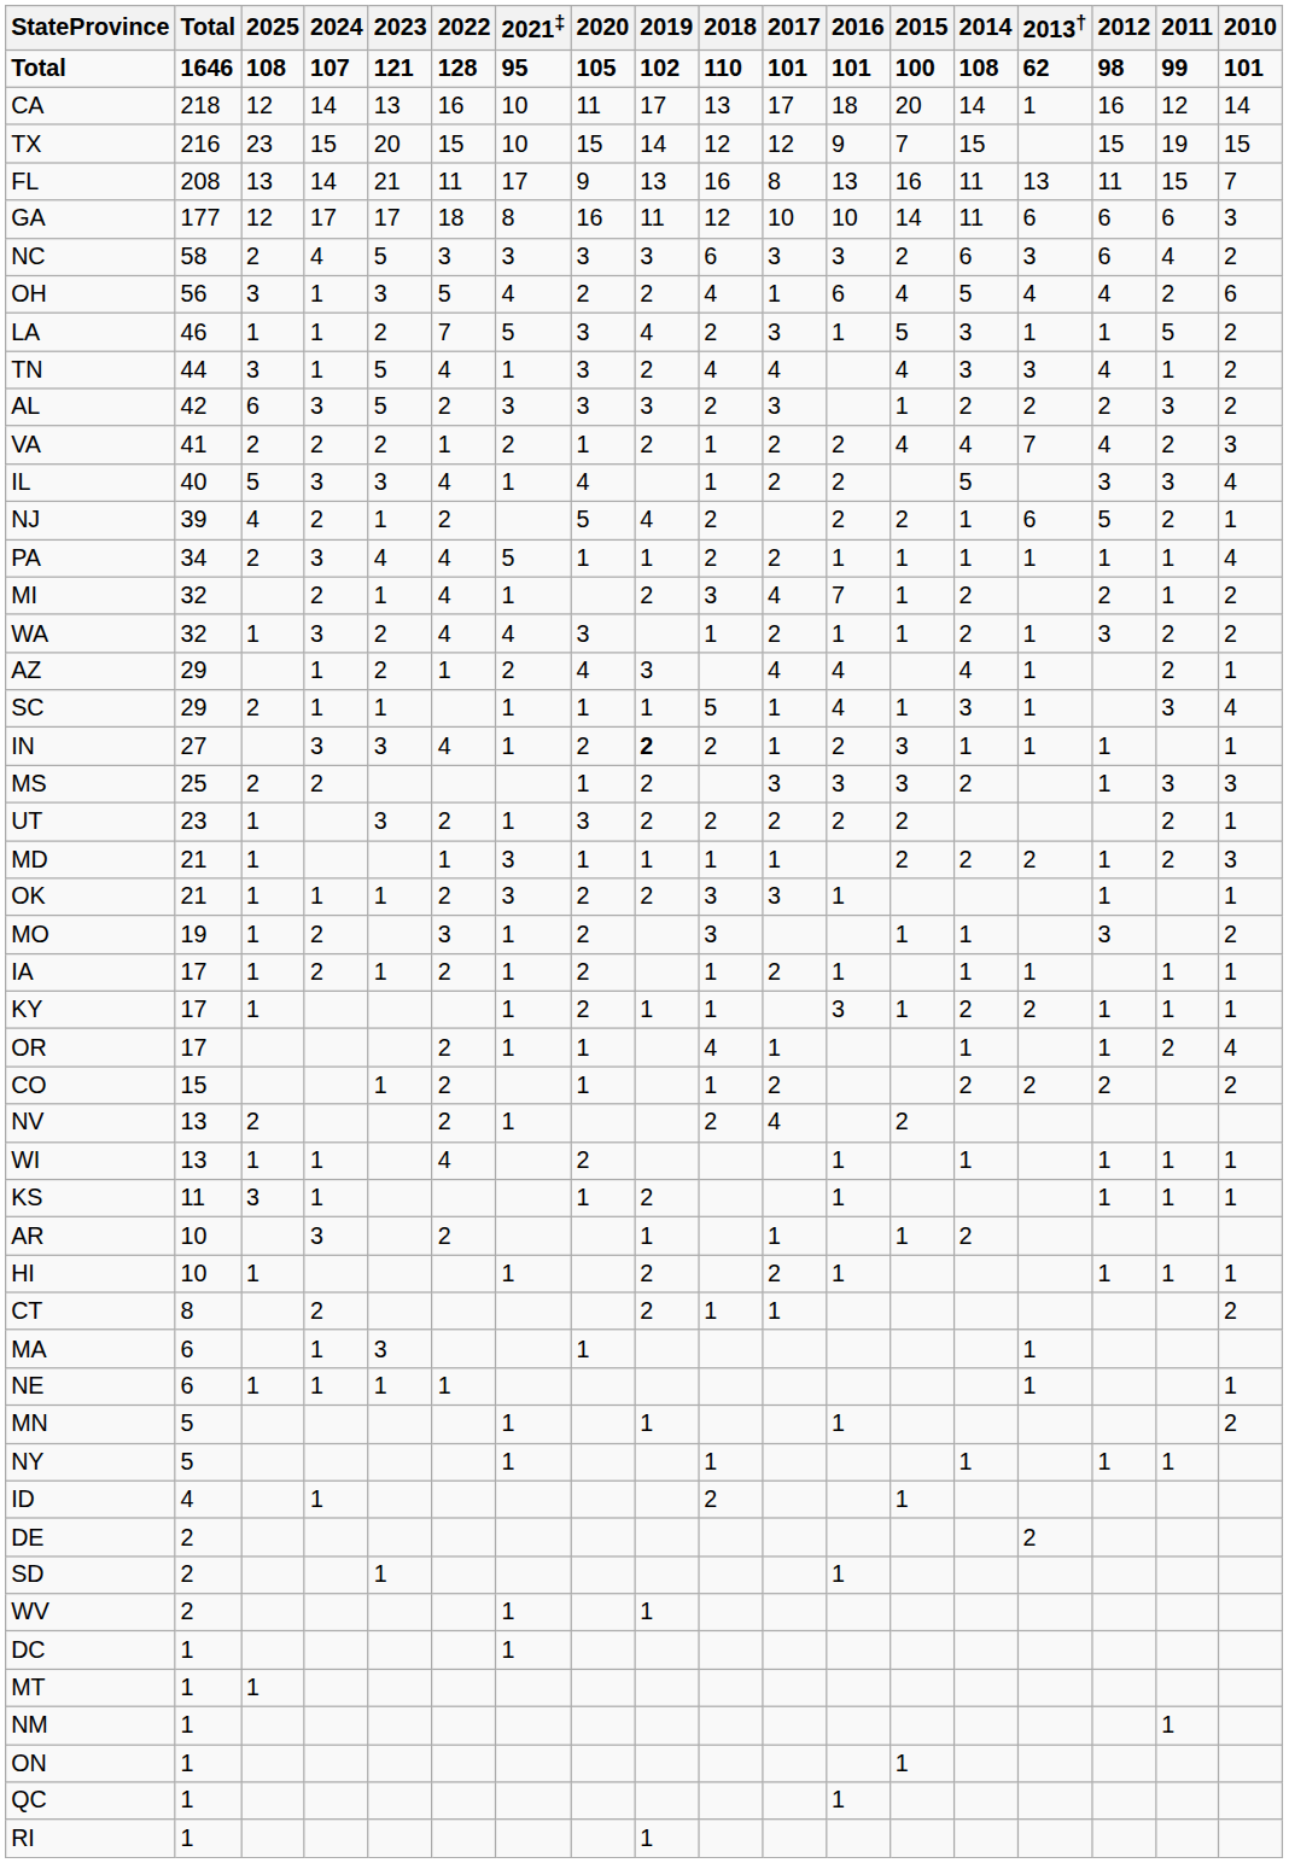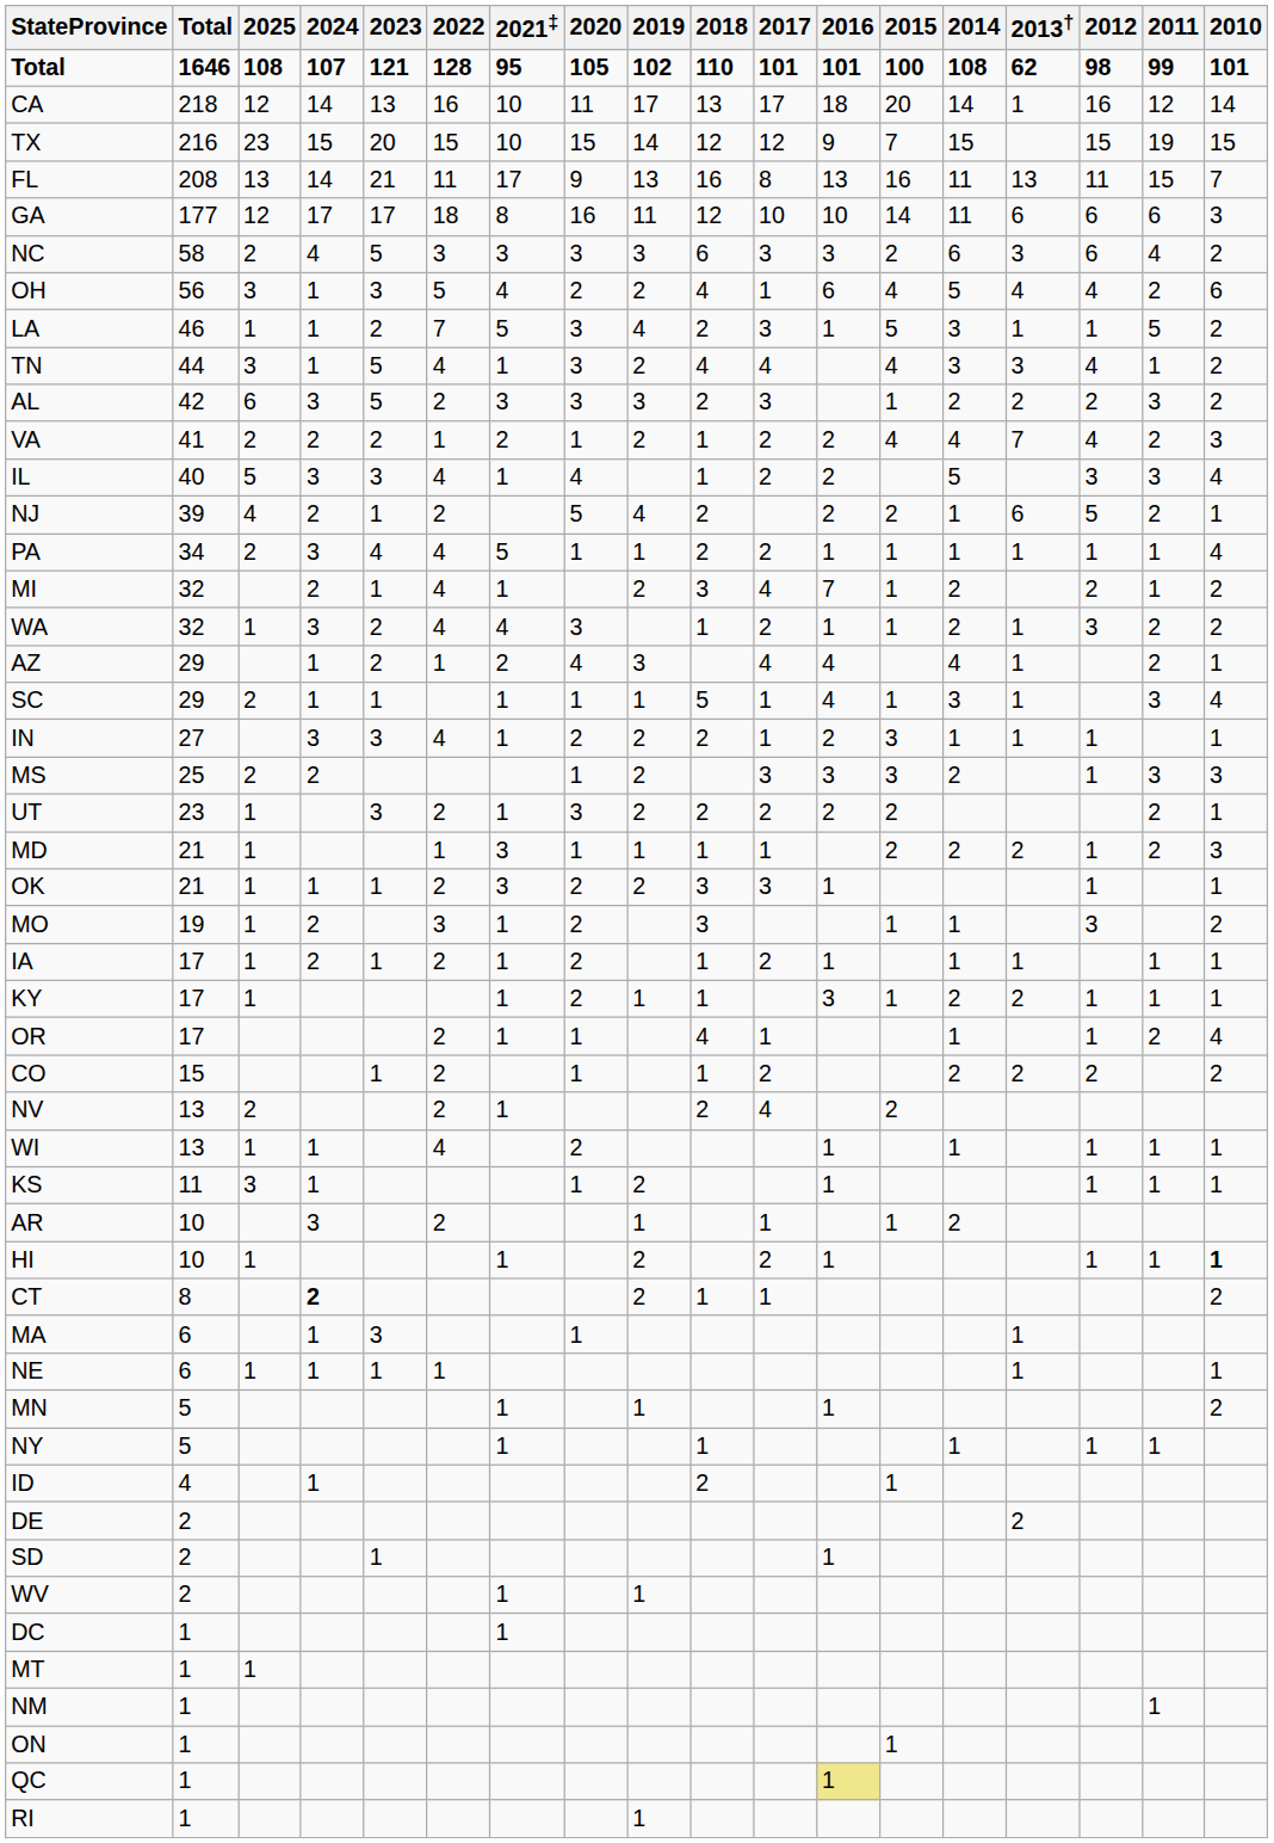 <table class="wikitable sortable">
 <tr>
 <th>StateProvince</th>
 <th><strong>Total</strong></th>
 <th>2025</th>
 <th>2024</th>
 <th>2023</th>
 <th>2022</th>
 <th>2021<sup>‡</sup></th>
 <th>2020</th>
 <th>2019</th>
 <th>2018</th>
 <th>2017</th>
 <th>2016</th>
 <th>2015</th>
 <th>2014</th>
 <th>2013<sup>†</sup></th>
 <th>2012</th>
 <th>2011</th>
 <th>2010</th>
 </tr>
 <tr>
 <td><strong>Total</strong></td>
 <td><strong>1646</strong></td>
 <td><strong>108</strong></td>
 <td><strong>107</strong></td>
 <td><strong>121</strong></td>
 <td><strong>128</strong></td>
 <td><strong>95</strong></td>
 <td><strong>105</strong></td>
 <td><strong>102</strong></td>
 <td><strong>110</strong></td>
 <td><strong>101</strong></td>
 <td><strong>101</strong></td>
 <td><strong>100</strong></td>
 <td><strong>108</strong></td>
 <td><strong>62</strong></td>
 <td><strong>98</strong></td>
 <td><strong>99</strong></td>
 <td><strong>101</strong></td>
 </tr>
 <tr>
 <td>CA</td>
 <td>218</td>
 <td>12</td>
 <td>14</td>
 <td>13</td>
 <td>16</td>
 <td>10</td>
 <td>11</td>
 <td>17</td>
 <td>13</td>
 <td>17</td>
 <td>18</td>
 <td>20</td>
 <td>14</td>
 <td>1</td>
 <td>16</td>
 <td>12</td>
 <td>14</td>
 </tr>
 <tr>
 <td>TX</td>
 <td>216</td>
 <td>23</td>
 <td>15</td>
 <td>20</td>
 <td>15</td>
 <td>10</td>
 <td>15</td>
 <td>14</td>
 <td>12</td>
 <td>12</td>
 <td>9</td>
 <td>7</td>
 <td>15</td>
 <td></td>
 <td>15</td>
 <td>19</td>
 <td>15</td>
 </tr>
 <tr>
 <td>FL</td>
 <td>208</td>
 <td>13</td>
 <td>14</td>
 <td>21</td>
 <td>11</td>
 <td>17</td>
 <td>9</td>
 <td>13</td>
 <td>16</td>
 <td>8</td>
 <td>13</td>
 <td>16</td>
 <td>11</td>
 <td>13</td>
 <td>11</td>
 <td>15</td>
 <td>7</td>
 </tr>
 <tr>
 <td>GA</td>
 <td>177</td>
 <td>12</td>
 <td>17</td>
 <td>17</td>
 <td>18</td>
 <td>8</td>
 <td>16</td>
 <td>11</td>
 <td>12</td>
 <td>10</td>
 <td>10</td>
 <td>14</td>
 <td>11</td>
 <td>6</td>
 <td>6</td>
 <td>6</td>
 <td>3</td>
 </tr>
 <tr>
 <td>NC</td>
 <td>58</td>
 <td>2</td>
 <td>4</td>
 <td>5</td>
 <td>3</td>
 <td>3</td>
 <td>3</td>
 <td>3</td>
 <td>6</td>
 <td>3</td>
 <td>3</td>
 <td>2</td>
 <td>6</td>
 <td>3</td>
 <td>6</td>
 <td>4</td>
 <td>2</td>
 </tr>
 <tr>
 <td>OH</td>
 <td>56</td>
 <td>3</td>
 <td>1</td>
 <td>3</td>
 <td>5</td>
 <td>4</td>
 <td>2</td>
 <td>2</td>
 <td>4</td>
 <td>1</td>
 <td>6</td>
 <td>4</td>
 <td>5</td>
 <td>4</td>
 <td>4</td>
 <td>2</td>
 <td>6</td>
 </tr>
 <tr>
 <td>LA</td>
 <td>46</td>
 <td>1</td>
 <td>1</td>
 <td>2</td>
 <td>7</td>
 <td>5</td>
 <td>3</td>
 <td>4</td>
 <td>2</td>
 <td>3</td>
 <td>1</td>
 <td>5</td>
 <td>3</td>
 <td>1</td>
 <td>1</td>
 <td>5</td>
 <td>2</td>
 </tr>
 <tr>
 <td>TN</td>
 <td>44</td>
 <td>3</td>
 <td>1</td>
 <td>5</td>
 <td>4</td>
 <td>1</td>
 <td>3</td>
 <td>2</td>
 <td>4</td>
 <td>4</td>
 <td></td>
 <td>4</td>
 <td>3</td>
 <td>3</td>
 <td>4</td>
 <td>1</td>
 <td>2</td>
 </tr>
 <tr>
 <td>AL</td>
 <td>42</td>
 <td>6</td>
 <td>3</td>
 <td>5</td>
 <td>2</td>
 <td>3</td>
 <td>3</td>
 <td>3</td>
 <td>2</td>
 <td>3</td>
 <td></td>
 <td>1</td>
 <td>2</td>
 <td>2</td>
 <td>2</td>
 <td>3</td>
 <td>2</td>
 </tr>
 <tr>
 <td>VA</td>
 <td>41</td>
 <td>2</td>
 <td>2</td>
 <td>2</td>
 <td>1</td>
 <td>2</td>
 <td>1</td>
 <td>2</td>
 <td>1</td>
 <td>2</td>
 <td>2</td>
 <td>4</td>
 <td>4</td>
 <td>7</td>
 <td>4</td>
 <td>2</td>
 <td>3</td>
 </tr>
 <tr>
 <td>IL</td>
 <td>40</td>
 <td>5</td>
 <td>3</td>
 <td>3</td>
 <td>4</td>
 <td>1</td>
 <td>4</td>
 <td></td>
 <td>1</td>
 <td>2</td>
 <td>2</td>
 <td></td>
 <td>5</td>
 <td></td>
 <td>3</td>
 <td>3</td>
 <td>4</td>
 </tr>
 <tr>
 <td>NJ</td>
 <td>39</td>
 <td>4</td>
 <td>2</td>
 <td>1</td>
 <td>2</td>
 <td></td>
 <td>5</td>
 <td>4</td>
 <td>2</td>
 <td></td>
 <td>2</td>
 <td>2</td>
 <td>1</td>
 <td>6</td>
 <td>5</td>
 <td>2</td>
 <td>1</td>
 </tr>
 <tr>
 <td>PA</td>
 <td>34</td>
 <td>2</td>
 <td>3</td>
 <td>4</td>
 <td>4</td>
 <td>5</td>
 <td>1</td>
 <td>1</td>
 <td>2</td>
 <td>2</td>
 <td>1</td>
 <td>1</td>
 <td>1</td>
 <td>1</td>
 <td>1</td>
 <td>1</td>
 <td>4</td>
 </tr>
 <tr>
 <td>MI</td>
 <td>32</td>
 <td></td>
 <td>2</td>
 <td>1</td>
 <td>4</td>
 <td>1</td>
 <td></td>
 <td>2</td>
 <td>3</td>
 <td>4</td>
 <td>7</td>
 <td>1</td>
 <td>2</td>
 <td></td>
 <td>2</td>
 <td>1</td>
 <td>2</td>
 </tr>
 <tr>
 <td>WA</td>
 <td>32</td>
 <td>1</td>
 <td>3</td>
 <td>2</td>
 <td>4</td>
 <td>4</td>
 <td>3</td>
 <td></td>
 <td>1</td>
 <td>2</td>
 <td>1</td>
 <td>1</td>
 <td>2</td>
 <td>1</td>
 <td>3</td>
 <td>2</td>
 <td>2</td>
 </tr>
 <tr>
 <td>AZ</td>
 <td>29</td>
 <td></td>
 <td>1</td>
 <td>2</td>
 <td>1</td>
 <td>2</td>
 <td>4</td>
 <td>3</td>
 <td></td>
 <td>4</td>
 <td>4</td>
 <td></td>
 <td>4</td>
 <td>1</td>
 <td></td>
 <td>2</td>
 <td>1</td>
 </tr>
 <tr>
 <td>SC</td>
 <td>29</td>
 <td>2</td>
 <td>1</td>
 <td>1</td>
 <td></td>
 <td>1</td>
 <td>1</td>
 <td>1</td>
 <td>5</td>
 <td>1</td>
 <td>4</td>
 <td>1</td>
 <td>3</td>
 <td>1</td>
 <td></td>
 <td>3</td>
 <td>4</td>
 </tr>
 <tr>
 <td>IN</td>
 <td>27</td>
 <td></td>
 <td>3</td>
 <td>3</td>
 <td>4</td>
 <td>1</td>
 <td>2</td>
-<td><strong>2</strong></td>
+<td>2</td>
 <td>2</td>
 <td>1</td>
 <td>2</td>
 <td>3</td>
 <td>1</td>
 <td>1</td>
 <td>1</td>
 <td></td>
 <td>1</td>
 </tr>
 <tr>
 <td>MS</td>
 <td>25</td>
 <td>2</td>
 <td>2</td>
 <td></td>
 <td></td>
 <td></td>
 <td>1</td>
 <td>2</td>
 <td></td>
 <td>3</td>
 <td>3</td>
 <td>3</td>
 <td>2</td>
 <td></td>
 <td>1</td>
 <td>3</td>
 <td>3</td>
 </tr>
 <tr>
 <td>UT</td>
 <td>23</td>
 <td>1</td>
 <td></td>
 <td>3</td>
 <td>2</td>
 <td>1</td>
 <td>3</td>
 <td>2</td>
 <td>2</td>
 <td>2</td>
 <td>2</td>
 <td>2</td>
 <td></td>
 <td></td>
 <td></td>
 <td>2</td>
 <td>1</td>
 </tr>
 <tr>
 <td>MD</td>
 <td>21</td>
 <td>1</td>
 <td></td>
 <td></td>
 <td>1</td>
 <td>3</td>
 <td>1</td>
 <td>1</td>
 <td>1</td>
 <td>1</td>
 <td></td>
 <td>2</td>
 <td>2</td>
 <td>2</td>
 <td>1</td>
 <td>2</td>
 <td>3</td>
 </tr>
 <tr>
 <td>OK</td>
 <td>21</td>
 <td>1</td>
 <td>1</td>
 <td>1</td>
 <td>2</td>
 <td>3</td>
 <td>2</td>
 <td>2</td>
 <td>3</td>
 <td>3</td>
 <td>1</td>
 <td></td>
 <td></td>
 <td></td>
 <td>1</td>
 <td></td>
 <td>1</td>
 </tr>
 <tr>
 <td>MO</td>
 <td>19</td>
 <td>1</td>
 <td>2</td>
 <td></td>
 <td>3</td>
 <td>1</td>
 <td>2</td>
 <td></td>
 <td>3</td>
 <td></td>
 <td></td>
 <td>1</td>
 <td>1</td>
 <td></td>
 <td>3</td>
 <td></td>
 <td>2</td>
 </tr>
 <tr>
 <td>IA</td>
 <td>17</td>
 <td>1</td>
 <td>2</td>
 <td>1</td>
 <td>2</td>
 <td>1</td>
 <td>2</td>
 <td></td>
 <td>1</td>
 <td>2</td>
 <td>1</td>
 <td></td>
 <td>1</td>
 <td>1</td>
 <td></td>
 <td>1</td>
 <td>1</td>
 </tr>
 <tr>
 <td>KY</td>
 <td>17</td>
 <td>1</td>
 <td></td>
 <td></td>
 <td></td>
 <td>1</td>
 <td>2</td>
 <td>1</td>
 <td>1</td>
 <td></td>
 <td>3</td>
 <td>1</td>
 <td>2</td>
 <td>2</td>
 <td>1</td>
 <td>1</td>
 <td>1</td>
 </tr>
 <tr>
 <td>OR</td>
 <td>17</td>
 <td></td>
 <td></td>
 <td></td>
 <td>2</td>
 <td>1</td>
 <td>1</td>
 <td></td>
 <td>4</td>
 <td>1</td>
 <td></td>
 <td></td>
 <td>1</td>
 <td></td>
 <td>1</td>
 <td>2</td>
 <td>4</td>
 </tr>
 <tr>
 <td>CO</td>
 <td>15</td>
 <td></td>
 <td></td>
 <td>1</td>
 <td>2</td>
 <td></td>
 <td>1</td>
 <td></td>
 <td>1</td>
 <td>2</td>
 <td></td>
 <td></td>
 <td>2</td>
 <td>2</td>
 <td>2</td>
 <td></td>
 <td>2</td>
 </tr>
 <tr>
 <td>NV</td>
 <td>13</td>
 <td>2</td>
 <td></td>
 <td></td>
 <td>2</td>
 <td>1</td>
 <td></td>
 <td></td>
 <td>2</td>
 <td>4</td>
 <td></td>
 <td>2</td>
 <td></td>
 <td></td>
 <td></td>
 <td></td>
 <td></td>
 </tr>
 <tr>
 <td>WI</td>
 <td>13</td>
 <td>1</td>
 <td>1</td>
 <td></td>
 <td>4</td>
 <td></td>
 <td>2</td>
 <td></td>
 <td></td>
 <td></td>
 <td>1</td>
 <td></td>
 <td>1</td>
 <td></td>
 <td>1</td>
 <td>1</td>
 <td>1</td>
 </tr>
 <tr>
 <td>KS</td>
 <td>11</td>
 <td>3</td>
 <td>1</td>
 <td></td>
 <td></td>
 <td></td>
 <td>1</td>
 <td>2</td>
 <td></td>
 <td></td>
 <td>1</td>
 <td></td>
 <td></td>
 <td></td>
 <td>1</td>
 <td>1</td>
 <td>1</td>
 </tr>
 <tr>
 <td>AR</td>
 <td>10</td>
 <td></td>
 <td>3</td>
 <td></td>
 <td>2</td>
 <td></td>
 <td></td>
 <td>1</td>
 <td></td>
 <td>1</td>
 <td></td>
 <td>1</td>
 <td>2</td>
 <td></td>
 <td></td>
 <td></td>
 <td></td>
 </tr>
 <tr>
 <td>HI</td>
 <td>10</td>
 <td>1</td>
 <td></td>
 <td></td>
 <td></td>
 <td>1</td>
 <td></td>
 <td>2</td>
 <td></td>
 <td>2</td>
 <td>1</td>
 <td></td>
 <td></td>
 <td></td>
 <td>1</td>
 <td>1</td>
-<td>1</td>
+<td><strong>1</strong></td>
 </tr>
 <tr>
 <td>CT</td>
 <td>8</td>
 <td></td>
-<td>2</td>
+<td><strong>2</strong></td>
 <td></td>
 <td></td>
 <td></td>
 <td></td>
 <td>2</td>
 <td>1</td>
 <td>1</td>
 <td></td>
 <td></td>
 <td></td>
 <td></td>
 <td></td>
 <td></td>
 <td>2</td>
 </tr>
 <tr>
 <td>MA</td>
 <td>6</td>
 <td></td>
 <td>1</td>
 <td>3</td>
 <td></td>
 <td></td>
 <td>1</td>
 <td></td>
 <td></td>
 <td></td>
 <td></td>
 <td></td>
 <td></td>
 <td>1</td>
 <td></td>
 <td></td>
 <td></td>
 </tr>
 <tr>
 <td>NE</td>
 <td>6</td>
 <td>1</td>
 <td>1</td>
 <td>1</td>
 <td>1</td>
 <td></td>
 <td></td>
 <td></td>
 <td></td>
 <td></td>
 <td></td>
 <td></td>
 <td></td>
 <td>1</td>
 <td></td>
 <td></td>
 <td>1</td>
 </tr>
 <tr>
 <td>MN</td>
 <td>5</td>
 <td></td>
 <td></td>
 <td></td>
 <td></td>
 <td>1</td>
 <td></td>
 <td>1</td>
 <td></td>
 <td></td>
 <td>1</td>
 <td></td>
 <td></td>
 <td></td>
 <td></td>
 <td></td>
 <td>2</td>
 </tr>
 <tr>
 <td>NY</td>
 <td>5</td>
 <td></td>
 <td></td>
 <td></td>
 <td></td>
 <td>1</td>
 <td></td>
 <td></td>
 <td>1</td>
 <td></td>
 <td></td>
 <td></td>
 <td>1</td>
 <td></td>
 <td>1</td>
 <td>1</td>
 <td></td>
 </tr>
 <tr>
 <td>ID</td>
 <td>4</td>
 <td></td>
 <td>1</td>
 <td></td>
 <td></td>
 <td></td>
 <td></td>
 <td></td>
 <td>2</td>
 <td></td>
 <td></td>
 <td>1</td>
 <td></td>
 <td></td>
 <td></td>
 <td></td>
 <td></td>
 </tr>
 <tr>
 <td>DE</td>
 <td>2</td>
 <td></td>
 <td></td>
 <td></td>
 <td></td>
 <td></td>
 <td></td>
 <td></td>
 <td></td>
 <td></td>
 <td></td>
 <td></td>
 <td></td>
 <td>2</td>
 <td></td>
 <td></td>
 <td></td>
 </tr>
 <tr>
 <td>SD</td>
 <td>2</td>
 <td></td>
 <td></td>
 <td>1</td>
 <td></td>
 <td></td>
 <td></td>
 <td></td>
 <td></td>
 <td></td>
 <td>1</td>
 <td></td>
 <td></td>
 <td></td>
 <td></td>
 <td></td>
 <td></td>
 </tr>
 <tr>
 <td>WV</td>
 <td>2</td>
 <td></td>
 <td></td>
 <td></td>
 <td></td>
 <td>1</td>
 <td></td>
 <td>1</td>
 <td></td>
 <td></td>
 <td></td>
 <td></td>
 <td></td>
 <td></td>
 <td></td>
 <td></td>
 <td></td>
 </tr>
 <tr>
 <td>DC</td>
 <td>1</td>
 <td></td>
 <td></td>
 <td></td>
 <td></td>
 <td>1</td>
 <td></td>
 <td></td>
 <td></td>
 <td></td>
 <td></td>
 <td></td>
 <td></td>
 <td></td>
 <td></td>
 <td></td>
 <td></td>
 </tr>
 <tr>
 <td>MT</td>
 <td>1</td>
 <td>1</td>
 <td></td>
 <td></td>
 <td></td>
 <td></td>
 <td></td>
 <td></td>
 <td></td>
 <td></td>
 <td></td>
 <td></td>
 <td></td>
 <td></td>
 <td></td>
 <td></td>
 <td></td>
 </tr>
 <tr>
 <td>NM</td>
 <td>1</td>
 <td></td>
 <td></td>
 <td></td>
 <td></td>
 <td></td>
 <td></td>
 <td></td>
 <td></td>
 <td></td>
 <td></td>
 <td></td>
 <td></td>
 <td></td>
 <td></td>
 <td>1</td>
 <td></td>
 </tr>
 <tr>
 <td>ON</td>
 <td>1</td>
 <td></td>
 <td></td>
 <td></td>
 <td></td>
 <td></td>
 <td></td>
 <td></td>
 <td></td>
 <td></td>
 <td></td>
 <td>1</td>
 <td></td>
 <td></td>
 <td></td>
 <td></td>
 <td></td>
 </tr>
 <tr>
 <td>QC</td>
 <td>1</td>
 <td></td>
 <td></td>
 <td></td>
 <td></td>
 <td></td>
 <td></td>
 <td></td>
 <td></td>
 <td></td>
-<td>1</td>
+<td style="background: khaki;">1</td>
 <td></td>
 <td></td>
 <td></td>
 <td></td>
 <td></td>
 <td></td>
 </tr>
 <tr>
 <td>RI</td>
 <td>1</td>
 <td></td>
 <td></td>
 <td></td>
 <td></td>
 <td></td>
 <td></td>
 <td>1</td>
 <td></td>
 <td></td>
 <td></td>
 <td></td>
 <td></td>
 <td></td>
 <td></td>
 <td></td>
 <td></td>
 </tr>
 </table>
